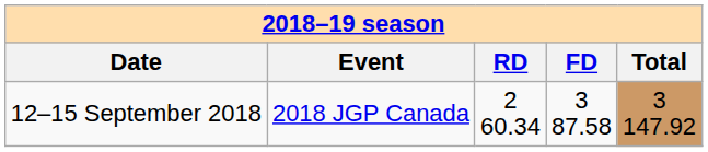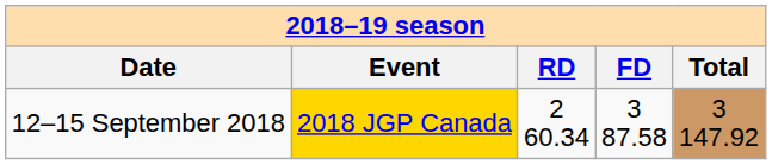 <table class="wikitable">
 <tr>
 <td style="background-color: #ffdead; " colspan=5 align=center><a href='#'><strong>2018–19 season</strong></a></td>
 </tr>
 <tr>
 <th>Date</th>
 <th>Event</th>
 <th><a href='#'>RD</a></th>
 <th><a href='#'>FD</a></th>
 <th>Total</th>
 </tr>
 <tr>
 <td>12–15 September 2018</td>
-<td><a href='#'>2018 JGP Canada</a></td>
+<td style="background: gold;"><a href='#'>2018 JGP Canada</a></td>
 <td align=center>2 <br> 60.34</td>
 <td align=center>3 <br> 87.58</td>
 <td align=center bgcolor=cc9966>3 <br> 147.92</td>
 </tr>
 </table>
